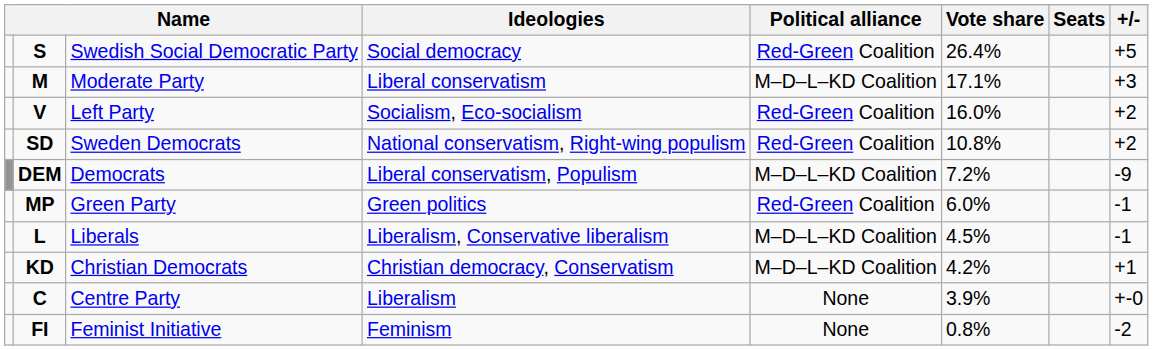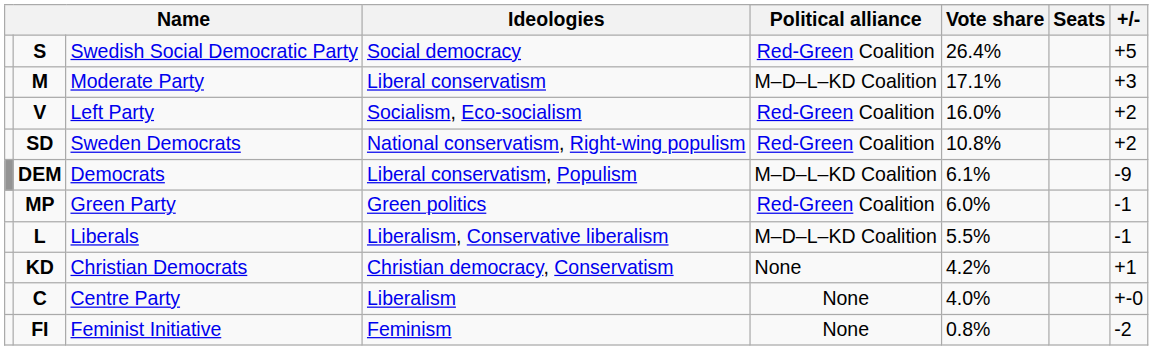 <table class="wikitable">
 <tr>
 <th colspan="3" rowspan="2">Name</th>
 <th rowspan="2">Ideologies</th>
 </tr>
 <tr>
 <th>Political alliance</th>
 <th>Vote share</th>
 <th>Seats</th>
 <th>+/-</th>
 </tr>
 <tr>
 <td style="background:"></td>
 <td style="text-align:center;"><strong>S</strong></td>
 <td><a href='#'>Swedish Social Democratic Party</a><br></td>
 <td><a href='#'>Social democracy</a></td>
 <td style="text-align:center;"><a href='#'>Red-Green</a> Coalition</td>
 <td>26.4%</td>
 <td></td>
 <td>+5</td>
 </tr>
 <tr>
 <td style="background:"></td>
 <td style="text-align:center;"><strong>M</strong></td>
 <td><a href='#'>Moderate Party</a><br></td>
 <td><a href='#'>Liberal conservatism</a></td>
 <td style="text-align:center;">M–D–L–KD Coalition</td>
 <td>17.1%</td>
 <td></td>
 <td>+3</td>
 </tr>
 <tr>
 <td style="background:"></td>
 <td style="text-align:center;"><strong>V</strong></td>
 <td><a href='#'>Left Party</a><br></td>
 <td><a href='#'>Socialism</a>, <a href='#'>Eco-socialism</a></td>
 <td style="text-align:center;"><a href='#'>Red-Green</a> Coalition</td>
 <td>16.0%</td>
 <td></td>
 <td>+2</td>
 </tr>
 <tr>
 <td style="background:"></td>
 <td style="text-align:center;"><strong>SD</strong></td>
 <td><a href='#'>Sweden Democrats</a><br></td>
 <td><a href='#'>National conservatism</a>, <a href='#'>Right-wing populism</a></td>
 <td style="text-align:center;"><a href='#'>Red-Green</a> Coalition</td>
 <td>10.8%</td>
 <td></td>
 <td>+2</td>
 </tr>
 <tr>
 <td style="background:#939393;"></td>
 <td style="text-align:center;"><strong>DEM</strong></td>
 <td><a href='#'>Democrats</a><br></td>
 <td><a href='#'>Liberal conservatism</a>, <a href='#'>Populism</a></td>
 <td style="text-align:center;">M–D–L–KD Coalition</td>
-<td>7.2%</td>
+<td>6.1%</td>
 <td></td>
 <td>-9</td>
 </tr>
 <tr>
 <td style="background:"></td>
 <td style="text-align:center;"><strong>MP</strong></td>
 <td><a href='#'>Green Party</a><br></td>
 <td><a href='#'>Green politics</a></td>
 <td style="text-align:center;"><a href='#'>Red-Green</a> Coalition</td>
 <td>6.0%</td>
 <td></td>
 <td>-1</td>
 </tr>
 <tr>
 <td style="background:"></td>
 <td style="text-align:center;"><strong>L</strong></td>
 <td><a href='#'>Liberals</a><br></td>
 <td><a href='#'>Liberalism</a>, <a href='#'>Conservative liberalism</a></td>
 <td style="text-align:center;">M–D–L–KD Coalition</td>
-<td>4.5%</td>
+<td>5.5%</td>
 <td></td>
 <td>-1</td>
 </tr>
 <tr>
 <td style="background:"></td>
 <td style="text-align:center;"><strong>KD</strong></td>
 <td><a href='#'>Christian Democrats</a><br></td>
 <td><a href='#'>Christian democracy</a>, <a href='#'>Conservatism</a></td>
-<td style="text-align:center;">M–D–L–KD Coalition</td>
+<td>None</td>
 <td>4.2%</td>
 <td></td>
 <td>+1</td>
 </tr>
 <tr>
 <td style="background:"></td>
 <td style="text-align:center;"><strong>C</strong></td>
 <td><a href='#'>Centre Party</a><br></td>
 <td><a href='#'>Liberalism</a></td>
 <td style="text-align:center;">None</td>
-<td>3.9%</td>
+<td>4.0%</td>
 <td></td>
 <td>+-0</td>
 </tr>
 <tr>
 <td style="background:"></td>
 <td style="text-align:center;"><strong>FI</strong></td>
 <td><a href='#'>Feminist Initiative</a><br></td>
 <td><a href='#'>Feminism</a></td>
 <td style="text-align:center;">None</td>
 <td>0.8%</td>
 <td></td>
 <td>-2</td>
 </tr>
 </table>
